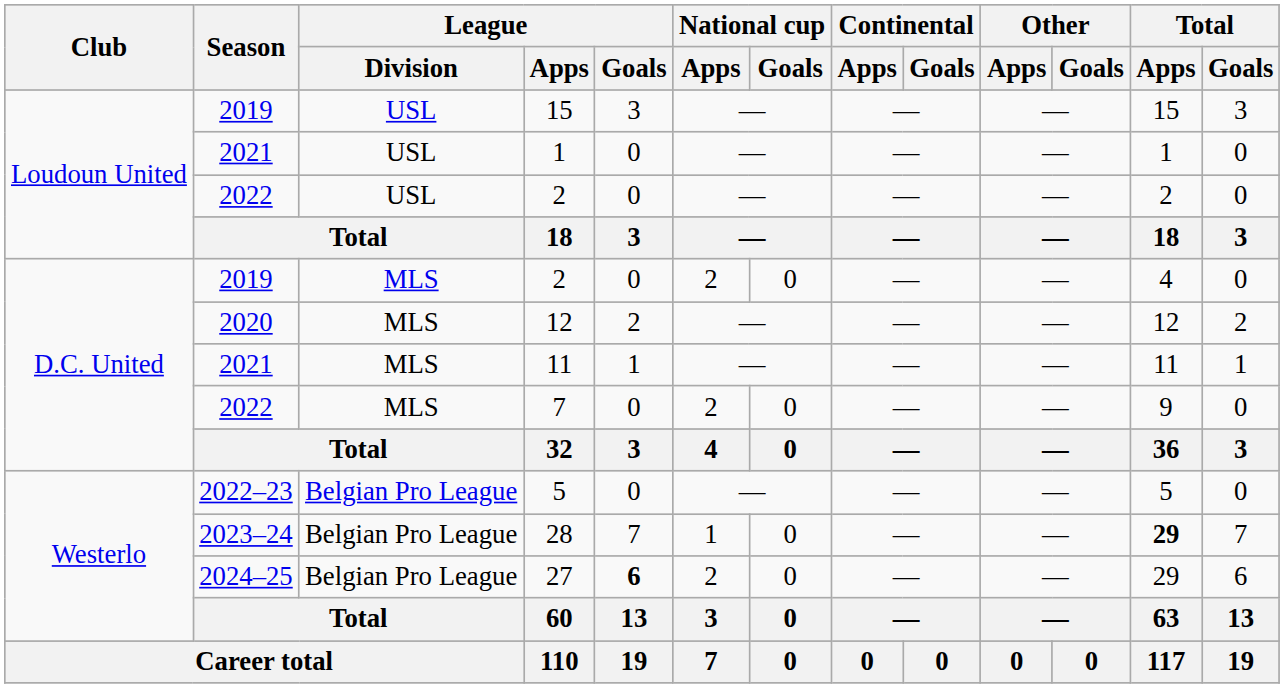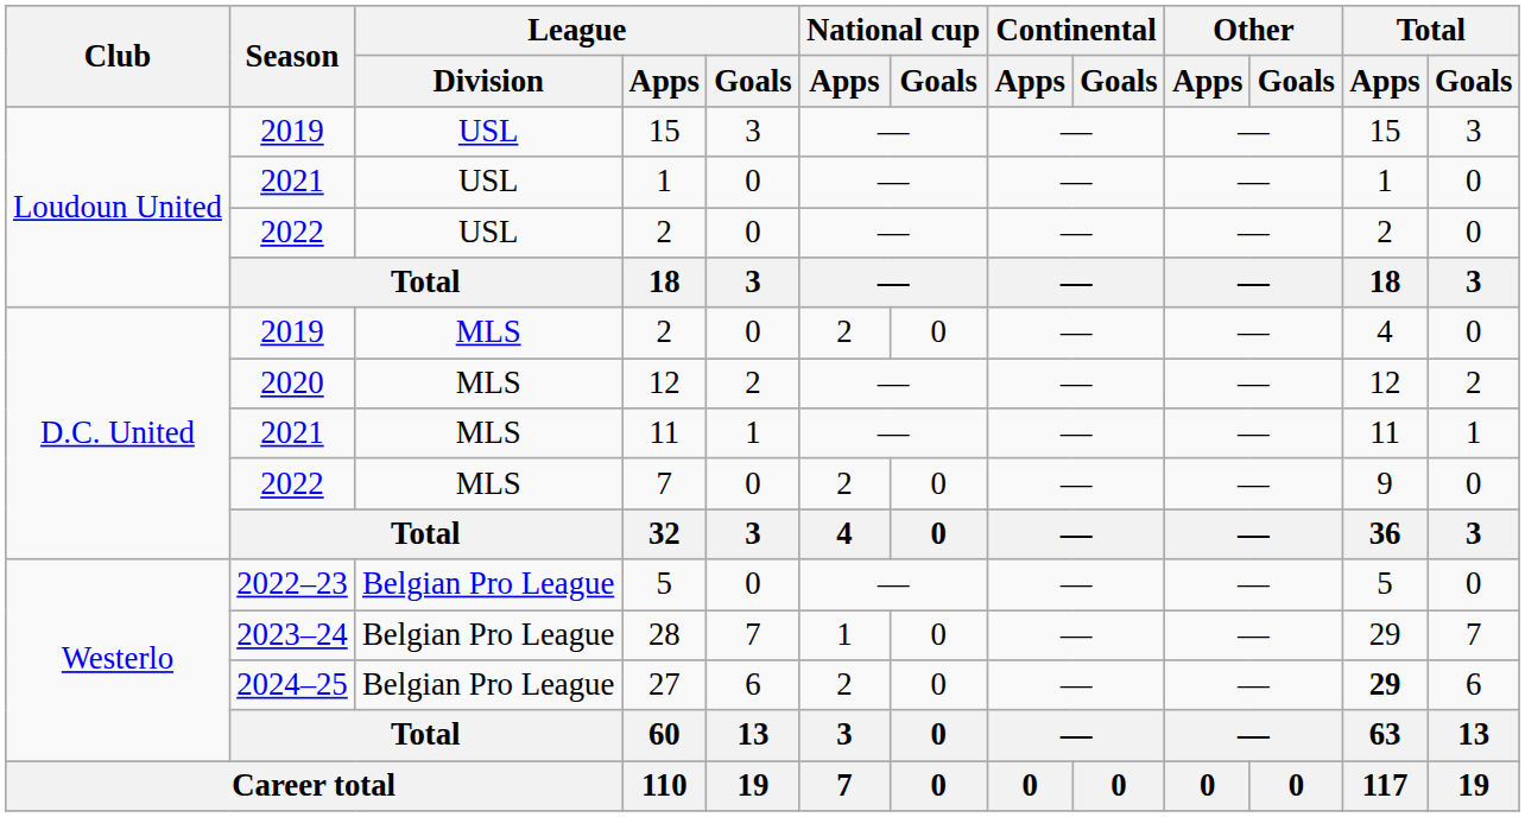 <table class=wikitable style=text-align:center>
 <tr>
 <th rowspan=2>Club</th>
 <th rowspan=2>Season</th>
 <th colspan=3>League</th>
 <th colspan=2>National cup</th>
 <th colspan=2>Continental</th>
 <th colspan=2>Other</th>
 <th colspan=2>Total</th>
 </tr>
 <tr>
 <th>Division</th>
 <th>Apps</th>
 <th>Goals</th>
 <th>Apps</th>
 <th>Goals</th>
 <th>Apps</th>
 <th>Goals</th>
 <th>Apps</th>
 <th>Goals</th>
 <th>Apps</th>
 <th>Goals</th>
 </tr>
 <tr>
 <td rowspan=4><a href='#'>Loudoun United</a></td>
 <td><a href='#'>2019</a></td>
 <td><a href='#'>USL</a></td>
 <td>15</td>
 <td>3</td>
 <td colspan=2>—</td>
 <td colspan=2>—</td>
 <td colspan=2>—</td>
 <td>15</td>
 <td>3</td>
 </tr>
 <tr>
 <td><a href='#'>2021</a></td>
 <td>USL</td>
 <td>1</td>
 <td>0</td>
 <td colspan=2>—</td>
 <td colspan=2>—</td>
 <td colspan=2>—</td>
 <td>1</td>
 <td>0</td>
 </tr>
 <tr>
 <td><a href='#'>2022</a></td>
 <td>USL</td>
 <td>2</td>
 <td>0</td>
 <td colspan=2>—</td>
 <td colspan=2>—</td>
 <td colspan=2>—</td>
 <td>2</td>
 <td>0</td>
 </tr>
 <tr>
 <th colspan=2>Total</th>
 <th>18</th>
 <th>3</th>
 <th colspan=2>—</th>
 <th colspan=2>—</th>
 <th colspan=2>—</th>
 <th>18</th>
 <th>3</th>
 </tr>
 <tr>
 <td rowspan=5><a href='#'>D.C. United</a></td>
 <td><a href='#'>2019</a></td>
 <td><a href='#'>MLS</a></td>
 <td>2</td>
 <td>0</td>
 <td>2</td>
 <td>0</td>
 <td colspan=2>—</td>
 <td colspan=2>—</td>
 <td>4</td>
 <td>0</td>
 </tr>
 <tr>
 <td><a href='#'>2020</a></td>
 <td>MLS</td>
 <td>12</td>
 <td>2</td>
 <td colspan=2>—</td>
 <td colspan=2>—</td>
 <td colspan=2>—</td>
 <td>12</td>
 <td>2</td>
 </tr>
 <tr>
 <td><a href='#'>2021</a></td>
 <td>MLS</td>
 <td>11</td>
 <td>1</td>
 <td colspan=2>—</td>
 <td colspan=2>—</td>
 <td colspan=2>—</td>
 <td>11</td>
 <td>1</td>
 </tr>
 <tr>
 <td><a href='#'>2022</a></td>
 <td>MLS</td>
 <td>7</td>
 <td>0</td>
 <td>2</td>
 <td>0</td>
 <td colspan=2>—</td>
 <td colspan=2>—</td>
 <td>9</td>
 <td>0</td>
 </tr>
 <tr>
 <th colspan=2>Total</th>
 <th>32</th>
 <th>3</th>
 <th>4</th>
 <th>0</th>
 <th colspan=2>—</th>
 <th colspan=2>—</th>
 <th>36</th>
 <th>3</th>
 </tr>
 <tr>
 <td rowspan=4><a href='#'>Westerlo</a></td>
 <td><a href='#'>2022–23</a></td>
 <td><a href='#'>Belgian Pro League</a></td>
 <td>5</td>
 <td>0</td>
 <td colspan=2>—</td>
 <td colspan=2>—</td>
 <td colspan=2>—</td>
 <td>5</td>
 <td>0</td>
 </tr>
 <tr>
 <td><a href='#'>2023–24</a></td>
 <td>Belgian Pro League</td>
 <td>28</td>
 <td>7</td>
 <td>1</td>
 <td>0</td>
 <td colspan=2>—</td>
 <td colspan=2>—</td>
-<td><strong>29</strong></td>
+<td>29</td>
 <td>7</td>
 </tr>
 <tr>
 <td><a href='#'>2024–25</a></td>
 <td>Belgian Pro League</td>
 <td>27</td>
-<td><strong>6</strong></td>
+<td>6</td>
 <td>2</td>
 <td>0</td>
 <td colspan=2>—</td>
 <td colspan=2>—</td>
-<td>29</td>
+<td><strong>29</strong></td>
 <td>6</td>
 </tr>
 <tr>
 <th colspan=2>Total</th>
 <th>60</th>
 <th>13</th>
 <th>3</th>
 <th>0</th>
 <th colspan=2>—</th>
 <th colspan=2>—</th>
 <th>63</th>
 <th>13</th>
 </tr>
 <tr>
 <th colspan=3>Career total</th>
 <th>110</th>
 <th>19</th>
 <th>7</th>
 <th>0</th>
 <th>0</th>
 <th>0</th>
 <th>0</th>
 <th>0</th>
 <th>117</th>
 <th>19</th>
 </tr>
 </table>
